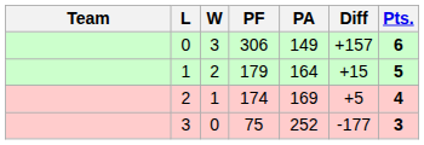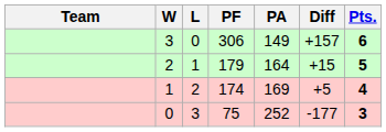 <table class=wikitable>
 <tr align=center>
 <th width=150px>Team</th>
+<th width=20px>W</th>
 <th width=20px>L</th>
-<th width=20px>W</th>
 <th width=40px>PF</th>
 <th width=40px>PA</th>
 <th width=40px>Diff</th>
 <th width=30px><a href='#'>Pts.</a></th>
 </tr>
 <tr align=center bgcolor="#ccffcc">
 <td align=left></td>
+<td>3</td>
 <td>0</td>
-<td>3</td>
 <td>306</td>
 <td>149</td>
 <td>+157</td>
 <td><strong>6</strong></td>
 </tr>
 <tr align=center bgcolor="#ccffcc">
 <td align=left></td>
+<td>2</td>
 <td>1</td>
-<td>2</td>
 <td>179</td>
 <td>164</td>
 <td>+15</td>
 <td><strong>5</strong></td>
 </tr>
 <tr align=center bgcolor="#ffcccc">
 <td align=left></td>
+<td>1</td>
 <td>2</td>
-<td>1</td>
 <td>174</td>
 <td>169</td>
 <td>+5</td>
 <td><strong>4</strong></td>
 </tr>
 <tr align=center bgcolor="#ffcccc">
 <td align=left></td>
+<td>0</td>
 <td>3</td>
-<td>0</td>
 <td>75</td>
 <td>252</td>
 <td>-177</td>
 <td><strong>3</strong></td>
 </tr>
 </table>
